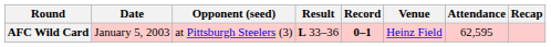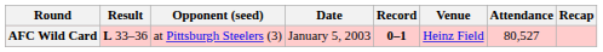 <table class="wikitable" style="text-align:center">
 <tr>
 <th>Round</th>
+<th>Result</th>
+<th>Opponent (seed)</th>
 <th>Date</th>
-<th>Opponent (seed)</th>
-<th>Result</th>
 <th>Record</th>
 <th>Venue</th>
 <th>Attendance</th>
 <th>Recap</th>
 </tr>
 <tr style="background:#fcc">
 <th>AFC Wild Card</th>
+<td><strong>L</strong> 33–36</td>
+<td>at <a href='#'>Pittsburgh Steelers</a> (3)</td>
 <td>January 5, 2003</td>
-<td>at <a href='#'>Pittsburgh Steelers</a> (3)</td>
-<td><strong>L</strong> 33–36</td>
 <td><strong>0–1</strong></td>
 <td><a href='#'>Heinz Field</a></td>
-<td>62,595</td>
+<td>80,527</td>
 <td></td>
 </tr>
 </table>
